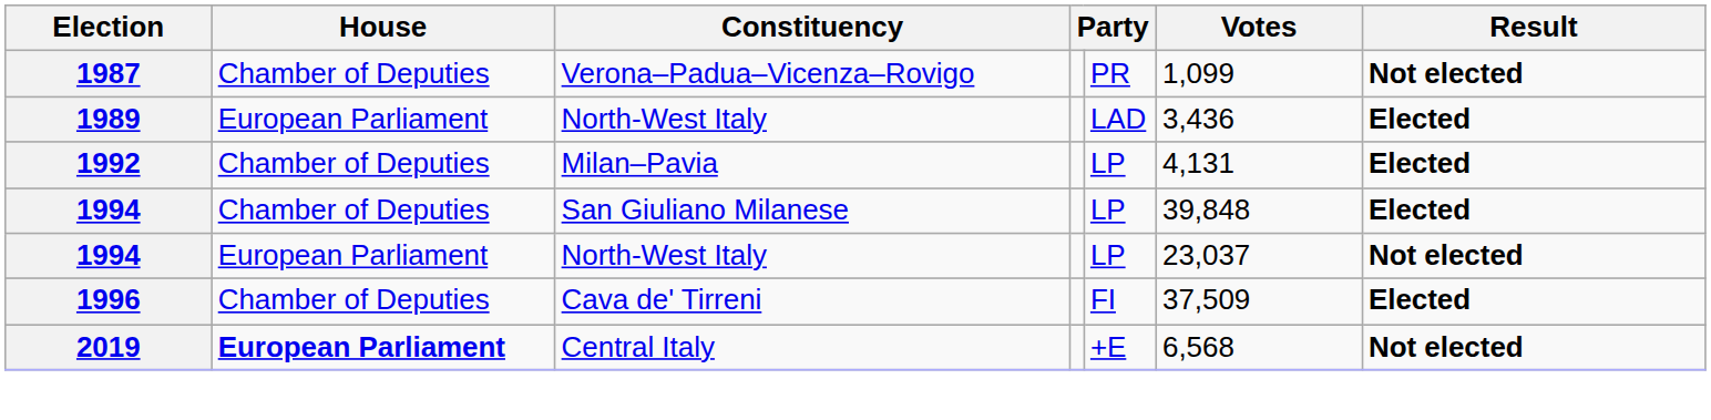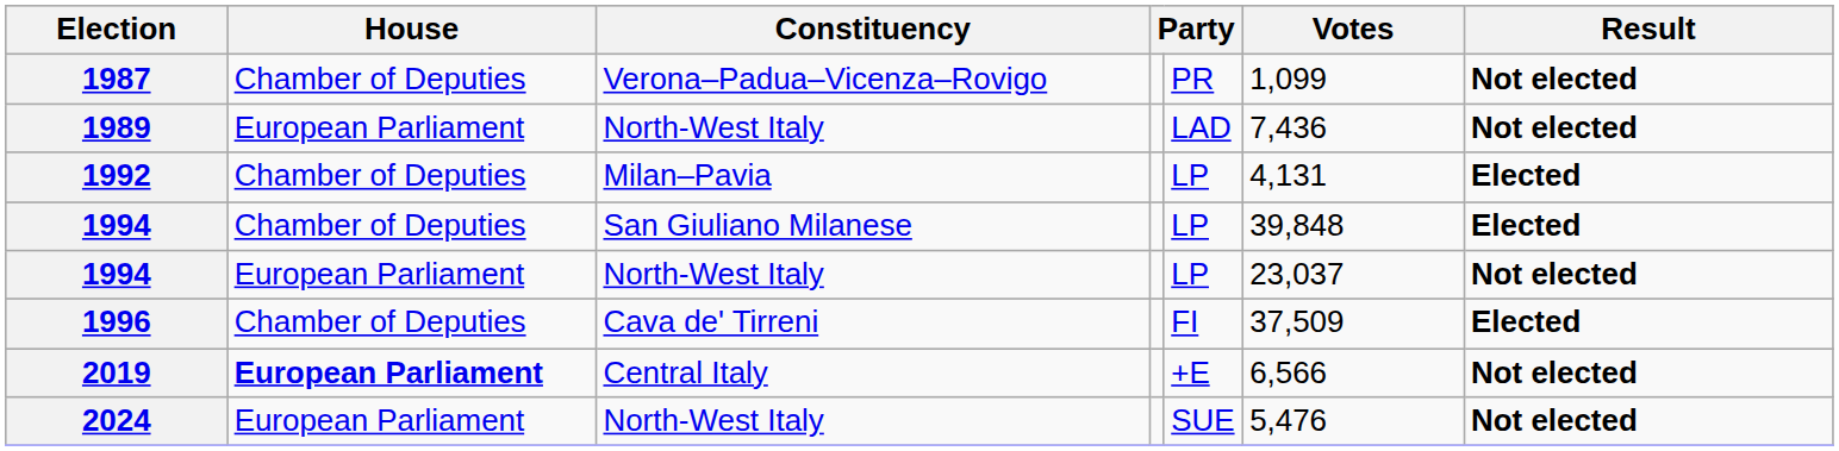 <table class=wikitable style="width:75%; border:1px #AAAAFF solid">
 <tr>
 <th width=12%>Election</th>
 <th width=20%>House</th>
 <th width=30%>Constituency</th>
 <th width=5% colspan="2">Party</th>
 <th width=12%>Votes</th>
 <th width=20%>Result</th>
 </tr>
 <tr>
 <th><a href='#'>1987</a></th>
 <td><a href='#'>Chamber of Deputies</a></td>
 <td><a href='#'>Verona–Padua–Vicenza–Rovigo</a></td>
 <td></td>
 <td><a href='#'>PR</a></td>
 <td>1,099</td>
 <td> <strong>Not elected</strong></td>
 </tr>
 <tr>
 <th><a href='#'>1989</a></th>
 <td><a href='#'>European Parliament</a></td>
 <td><a href='#'>North-West Italy</a></td>
 <td></td>
 <td><a href='#'>LAD</a></td>
-<td>3,436</td>
-<td> <strong>Elected</strong></td>
+<td>7,436</td>
+<td> <strong>Not elected</strong></td>
 </tr>
 <tr>
 <th><a href='#'>1992</a></th>
 <td><a href='#'>Chamber of Deputies</a></td>
 <td><a href='#'>Milan–Pavia</a></td>
 <td></td>
 <td><a href='#'>LP</a></td>
 <td>4,131</td>
 <td> <strong>Elected</strong></td>
 </tr>
 <tr>
 <th><a href='#'>1994</a></th>
 <td><a href='#'>Chamber of Deputies</a></td>
 <td><a href='#'>San Giuliano Milanese</a></td>
 <td></td>
 <td><a href='#'>LP</a></td>
 <td>39,848</td>
 <td> <strong>Elected</strong></td>
 </tr>
 <tr>
 <th><a href='#'>1994</a></th>
 <td><a href='#'>European Parliament</a></td>
 <td><a href='#'>North-West Italy</a></td>
 <td></td>
 <td><a href='#'>LP</a></td>
 <td>23,037</td>
 <td> <strong>Not elected</strong></td>
 </tr>
 <tr>
 <th><a href='#'>1996</a></th>
 <td><a href='#'>Chamber of Deputies</a></td>
 <td><a href='#'>Cava de' Tirreni</a></td>
 <td></td>
 <td><a href='#'>FI</a></td>
 <td>37,509</td>
 <td> <strong>Elected</strong></td>
 </tr>
 <tr>
 <th><a href='#'>2019</a></th>
 <td><strong><a href='#'>European Parliament</a></strong></td>
 <td><a href='#'>Central Italy</a></td>
 <td></td>
 <td><a href='#'>+E</a></td>
-<td>6,568</td>
+<td>6,566</td>
+<td> <strong>Not elected</strong></td>
+</tr>
+<tr>
+<th><a href='#'>2024</a></th>
+<td><a href='#'>European Parliament</a></td>
+<td><a href='#'>North-West Italy</a></td>
+<td></td>
+<td><a href='#'>SUE</a></td>
+<td>5,476</td>
 <td> <strong>Not elected</strong></td>
 </tr>
 <tr>
 </tr>
 </table>
